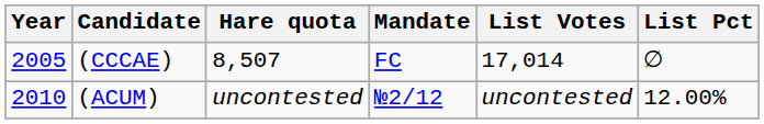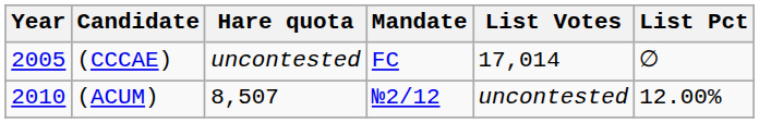 <table class="wikitable" style="margin:0.5em ; font-size:95%">
 <tr>
 <th>Year</th>
 <th>Candidate</th>
 <th>Hare quota</th>
 <th>Mandate</th>
 <th>List Votes</th>
 <th>List Pct</th>
 </tr>
 <tr>
 <td><a href='#'>2005</a></td>
 <td> (<a href='#'>CCCAE</a>)</td>
-<td>8,507</td>
+<td><em>uncontested</em></td>
 <td><a href='#'>FC</a></td>
 <td>17,014</td>
 <td>∅</td>
 </tr>
 <tr>
 <td><a href='#'>2010</a></td>
 <td> (<a href='#'>ACUM</a>)</td>
-<td><em>uncontested</em></td>
+<td>8,507</td>
 <td><a href='#'>№2/12</a></td>
 <td><em>uncontested</em></td>
 <td>12.00%</td>
 </tr>
 </table>
